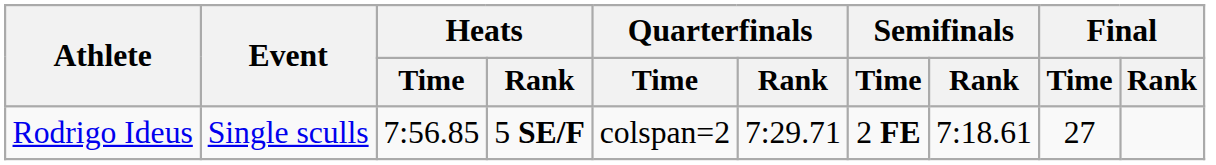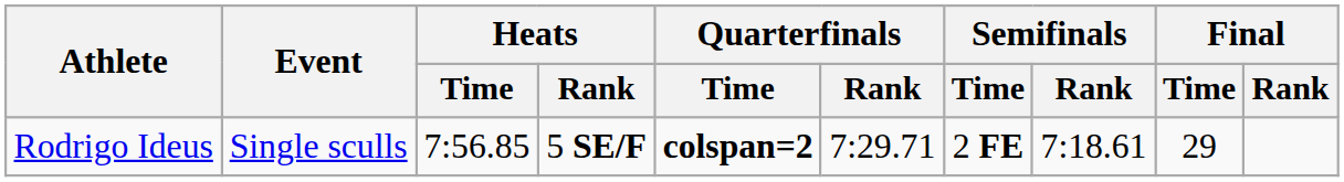 <table class="wikitable" style="font-size:90%">
 <tr>
 <th rowspan="2">Athlete</th>
 <th rowspan="2">Event</th>
 <th colspan="2">Heats</th>
 <th colspan="2">Quarterfinals</th>
 <th colspan="2">Semifinals</th>
 <th colspan="2">Final</th>
 </tr>
 <tr style="font-size:95%">
 <th>Time</th>
 <th>Rank</th>
 <th>Time</th>
 <th>Rank</th>
 <th>Time</th>
 <th>Rank</th>
 <th>Time</th>
 <th>Rank</th>
 </tr>
 <tr align=center>
 <td align=left><a href='#'>Rodrigo Ideus</a></td>
 <td align=left><a href='#'>Single sculls</a></td>
 <td>7:56.85</td>
 <td>5 <strong>SE/F</strong></td>
-<td>colspan=2 </td>
+<td><strong>colspan=2 </strong></td>
 <td>7:29.71</td>
 <td>2 <strong>FE</strong></td>
 <td>7:18.61</td>
-<td>27</td>
+<td>29</td>
 </tr>
 </table>
